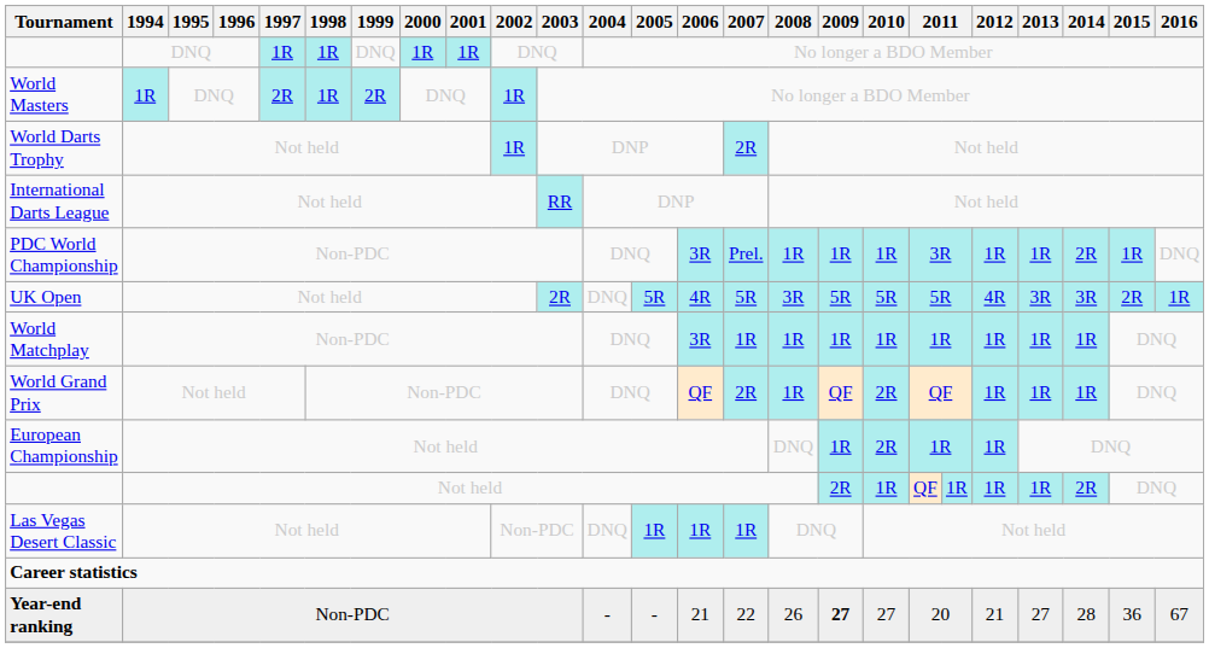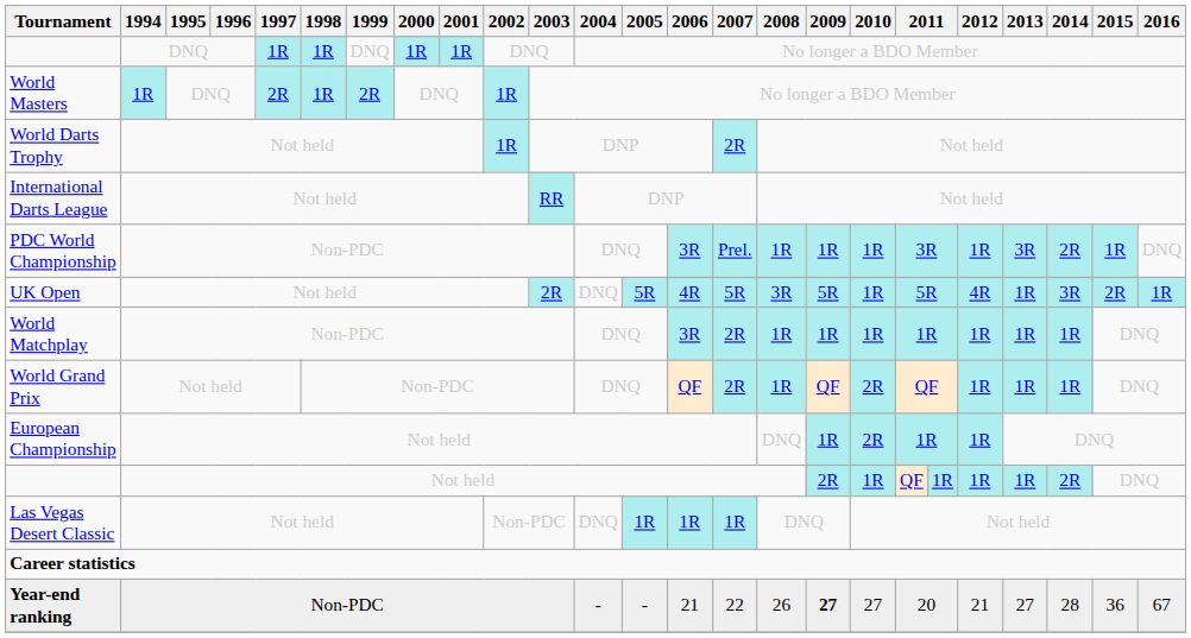 <table class=wikitable style=text-align:center;font-size:88%>
 <tr>
 <th>Tournament</th>
 <th>1994</th>
 <th>1995</th>
 <th>1996</th>
 <th>1997</th>
 <th>1998</th>
 <th>1999</th>
 <th>2000</th>
 <th>2001</th>
 <th>2002</th>
 <th>2003</th>
 <th>2004</th>
 <th>2005</th>
 <th>2006</th>
 <th>2007</th>
 <th>2008</th>
 <th>2009</th>
 <th>2010</th>
 <th colspan="2">2011</th>
 <th>2012</th>
 <th>2013</th>
 <th>2014</th>
 <th>2015</th>
 <th>2016</th>
 </tr>
 <tr>
 <td align=left></td>
 <td colspan="3" style="text-align:center; color:#ccc;">DNQ</td>
 <td style="text-align:center; background:#afeeee;"><a href='#'>1R</a></td>
 <td style="text-align:center; background:#afeeee;"><a href='#'>1R</a></td>
 <td style="text-align:center; color:#ccc;">DNQ</td>
 <td style="text-align:center; background:#afeeee;"><a href='#'>1R</a></td>
 <td style="text-align:center; background:#afeeee;"><a href='#'>1R</a></td>
 <td colspan="2" style="text-align:center; color:#ccc;">DNQ</td>
 <td colspan="14" style="text-align:center; color:#ccc;">No longer a BDO Member</td>
 </tr>
 <tr>
 <td align=left><a href='#'>World Masters</a></td>
 <td style="text-align:center; background:#afeeee;"><a href='#'>1R</a></td>
 <td colspan="2" style="text-align:center; color:#ccc;">DNQ</td>
 <td style="text-align:center; background:#afeeee;"><a href='#'>2R</a></td>
 <td style="text-align:center; background:#afeeee;"><a href='#'>1R</a></td>
 <td style="text-align:center; background:#afeeee;"><a href='#'>2R</a></td>
 <td colspan="2" style="text-align:center; color:#ccc;">DNQ</td>
 <td style="text-align:center; background:#afeeee;"><a href='#'>1R</a></td>
 <td colspan="15" style="text-align:center; color:#ccc;">No longer a BDO Member</td>
 </tr>
 <tr>
 <td align=left><a href='#'>World Darts Trophy</a></td>
 <td colspan="8" style="text-align:center; color:#ccc;">Not held</td>
 <td style="text-align:center; background:#afeeee;"><a href='#'>1R</a></td>
 <td colspan="4" style="text-align:center; color:#ccc;">DNP</td>
 <td style="text-align:center; background:#afeeee;"><a href='#'>2R</a></td>
 <td colspan="10" style="text-align:center; color:#ccc;">Not held</td>
 </tr>
 <tr>
 <td align=left><a href='#'>International Darts League</a></td>
 <td colspan="9" style="text-align:center; color:#ccc;">Not held</td>
 <td style="text-align:center; background:#afeeee;"><a href='#'>RR</a></td>
 <td colspan="4" style="text-align:center; color:#ccc;">DNP</td>
 <td colspan="10" style="text-align:center; color:#ccc;">Not held</td>
 </tr>
 <tr>
 <td align=left><a href='#'>PDC World Championship</a></td>
 <td colspan="10" style="text-align:center; color:#ccc;">Non-PDC</td>
 <td colspan="2" style="text-align:center; color:#ccc;">DNQ</td>
 <td style="text-align:center; background:#afeeee;"><a href='#'>3R</a></td>
 <td style="text-align:center; background:#afeeee;"><a href='#'>Prel.</a></td>
 <td style="text-align:center; background:#afeeee;"><a href='#'>1R</a></td>
 <td style="text-align:center; background:#afeeee;"><a href='#'>1R</a></td>
 <td style="text-align:center; background:#afeeee;"><a href='#'>1R</a></td>
 <td colspan="2" style="text-align:center; background:#afeeee;"><a href='#'>3R</a></td>
 <td style="text-align:center; background:#afeeee;"><a href='#'>1R</a></td>
-<td style="text-align:center; background:#afeeee;"><a href='#'>1R</a></td>
+<td style="text-align:center; background:#afeeee;"><a href='#'>3R</a></td>
 <td style="text-align:center; background:#afeeee;"><a href='#'>2R</a></td>
 <td style="text-align:center; background:#afeeee;"><a href='#'>1R</a></td>
 <td style="text-align:center; color:#ccc;">DNQ</td>
 </tr>
 <tr>
 <td align=left><a href='#'>UK Open</a></td>
 <td colspan="9" style="text-align:center; color:#ccc;">Not held</td>
 <td style="text-align:center; background:#afeeee;"><a href='#'>2R</a></td>
 <td style="text-align:center; color:#ccc;">DNQ</td>
 <td style="text-align:center; background:#afeeee;"><a href='#'>5R</a></td>
 <td style="text-align:center; background:#afeeee;"><a href='#'>4R</a></td>
 <td style="text-align:center; background:#afeeee;"><a href='#'>5R</a></td>
 <td style="text-align:center; background:#afeeee;"><a href='#'>3R</a></td>
 <td style="text-align:center; background:#afeeee;"><a href='#'>5R</a></td>
-<td style="text-align:center; background:#afeeee;"><a href='#'>5R</a></td>
+<td style="text-align:center; background:#afeeee;"><a href='#'>1R</a></td>
 <td colspan="2" style="text-align:center; background:#afeeee;"><a href='#'>5R</a></td>
 <td style="text-align:center; background:#afeeee;"><a href='#'>4R</a></td>
-<td style="text-align:center; background:#afeeee;"><a href='#'>3R</a></td>
+<td style="text-align:center; background:#afeeee;"><a href='#'>1R</a></td>
 <td style="text-align:center; background:#afeeee;"><a href='#'>3R</a></td>
 <td style="text-align:center; background:#afeeee;"><a href='#'>2R</a></td>
 <td style="text-align:center; background:#afeeee;"><a href='#'>1R</a></td>
 </tr>
 <tr>
 <td align=left><a href='#'>World Matchplay</a></td>
 <td colspan="10" style="text-align:center; color:#ccc;">Non-PDC</td>
 <td colspan="2" style="text-align:center; color:#ccc;">DNQ</td>
 <td style="text-align:center; background:#afeeee;"><a href='#'>3R</a></td>
-<td style="text-align:center; background:#afeeee;"><a href='#'>1R</a></td>
+<td style="text-align:center; background:#afeeee;"><a href='#'>2R</a></td>
 <td style="text-align:center; background:#afeeee;"><a href='#'>1R</a></td>
 <td style="text-align:center; background:#afeeee;"><a href='#'>1R</a></td>
 <td style="text-align:center; background:#afeeee;"><a href='#'>1R</a></td>
 <td colspan="2" style="text-align:center; background:#afeeee;"><a href='#'>1R</a></td>
 <td style="text-align:center; background:#afeeee;"><a href='#'>1R</a></td>
 <td style="text-align:center; background:#afeeee;"><a href='#'>1R</a></td>
 <td style="text-align:center; background:#afeeee;"><a href='#'>1R</a></td>
 <td colspan="2" style="text-align:center; color:#ccc;">DNQ</td>
 </tr>
 <tr>
 <td align=left><a href='#'>World Grand Prix</a></td>
 <td colspan="4" style="text-align:center; color:#ccc;">Not held</td>
 <td colspan="6" style="text-align:center; color:#ccc;">Non-PDC</td>
 <td colspan="2" style="text-align:center; color:#ccc;">DNQ</td>
 <td style="text-align:center; background:#ffebcd;"><a href='#'>QF</a></td>
 <td style="text-align:center; background:#afeeee;"><a href='#'>2R</a></td>
 <td style="text-align:center; background:#afeeee;"><a href='#'>1R</a></td>
 <td style="text-align:center; background:#ffebcd;"><a href='#'>QF</a></td>
 <td style="text-align:center; background:#afeeee;"><a href='#'>2R</a></td>
 <td colspan="2" style="text-align:center; background:#ffebcd;"><a href='#'>QF</a></td>
 <td style="text-align:center; background:#afeeee;"><a href='#'>1R</a></td>
 <td style="text-align:center; background:#afeeee;"><a href='#'>1R</a></td>
 <td style="text-align:center; background:#afeeee;"><a href='#'>1R</a></td>
 <td colspan="2" style="text-align:center; color:#ccc;">DNQ</td>
 </tr>
 <tr>
 <td align=left><a href='#'>European Championship</a></td>
 <td colspan="14" style="text-align:center; color:#ccc;">Not held</td>
 <td style="text-align:center; color:#ccc;">DNQ</td>
 <td style="text-align:center; background:#afeeee;"><a href='#'>1R</a></td>
 <td style="text-align:center; background:#afeeee;"><a href='#'>2R</a></td>
 <td colspan="2" style="text-align:center; background:#afeeee;"><a href='#'>1R</a></td>
 <td style="text-align:center; background:#afeeee;"><a href='#'>1R</a></td>
 <td colspan="4" style="text-align:center; color:#ccc;">DNQ</td>
 </tr>
 <tr>
 <td align=left></td>
 <td colspan="15" style="text-align:center; color:#ccc;">Not held</td>
 <td style="text-align:center; background:#afeeee;"><a href='#'>2R</a></td>
 <td style="text-align:center; background:#afeeee;"><a href='#'>1R</a></td>
 <td style="text-align:center; background:#ffebcd;"><a href='#'>QF</a></td>
 <td style="text-align:center; background:#afeeee;"><a href='#'>1R</a></td>
 <td style="text-align:center; background:#afeeee;"><a href='#'>1R</a></td>
 <td style="text-align:center; background:#afeeee;"><a href='#'>1R</a></td>
 <td style="text-align:center; background:#afeeee;"><a href='#'>2R</a></td>
 <td colspan="2" style="text-align:center; color:#ccc;">DNQ</td>
 </tr>
 <tr>
 <td align=left><a href='#'>Las Vegas Desert Classic</a></td>
 <td colspan="8" style="text-align:center; color:#ccc;">Not held</td>
 <td colspan="2" style="text-align:center; color:#ccc;">Non-PDC</td>
 <td style="text-align:center; color:#ccc;">DNQ</td>
 <td style="text-align:center; background:#afeeee;"><a href='#'>1R</a></td>
 <td style="text-align:center; background:#afeeee;"><a href='#'>1R</a></td>
 <td style="text-align:center; background:#afeeee;"><a href='#'>1R</a></td>
 <td colspan="2" style="text-align:center; color:#ccc;">DNQ</td>
 <td colspan="8" style="text-align:center; color:#ccc;">Not held</td>
 </tr>
 <tr>
 <td colspan="25" align="left"><strong>Career statistics</strong></td>
 </tr>
 <tr bgcolor="efefef">
 <td align="left"><strong>Year-end ranking</strong></td>
 <td colspan="10" style="text-align:center;">Non-PDC</td>
 <td style="text-align:center;">-</td>
 <td style="text-align:center;">-</td>
 <td style="text-align:center;">21</td>
 <td style="text-align:center;">22</td>
 <td style="text-align:center;">26</td>
 <td style="text-align:center;"><strong>27</strong></td>
 <td style="text-align:center;">27</td>
 <td colspan="2" style="text-align:center;">20</td>
 <td style="text-align:center;">21</td>
 <td style="text-align:center;">27</td>
 <td style="text-align:center;">28</td>
 <td style="text-align:center;">36</td>
 <td style="text-align:center;">67</td>
 </tr>
 <tr>
 </tr>
 </table>
